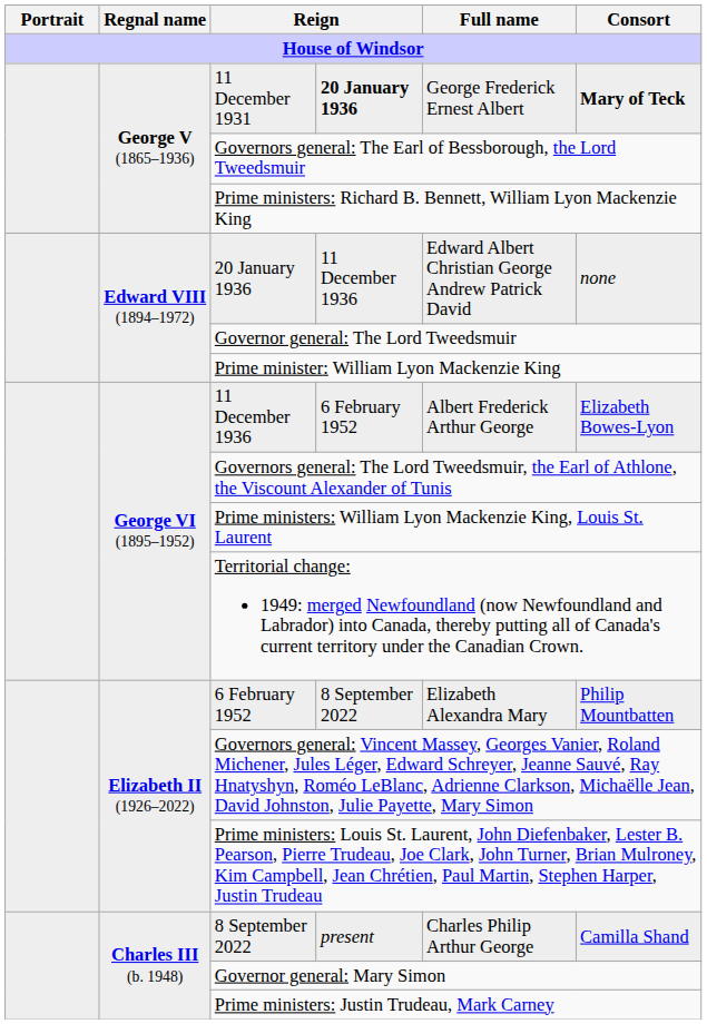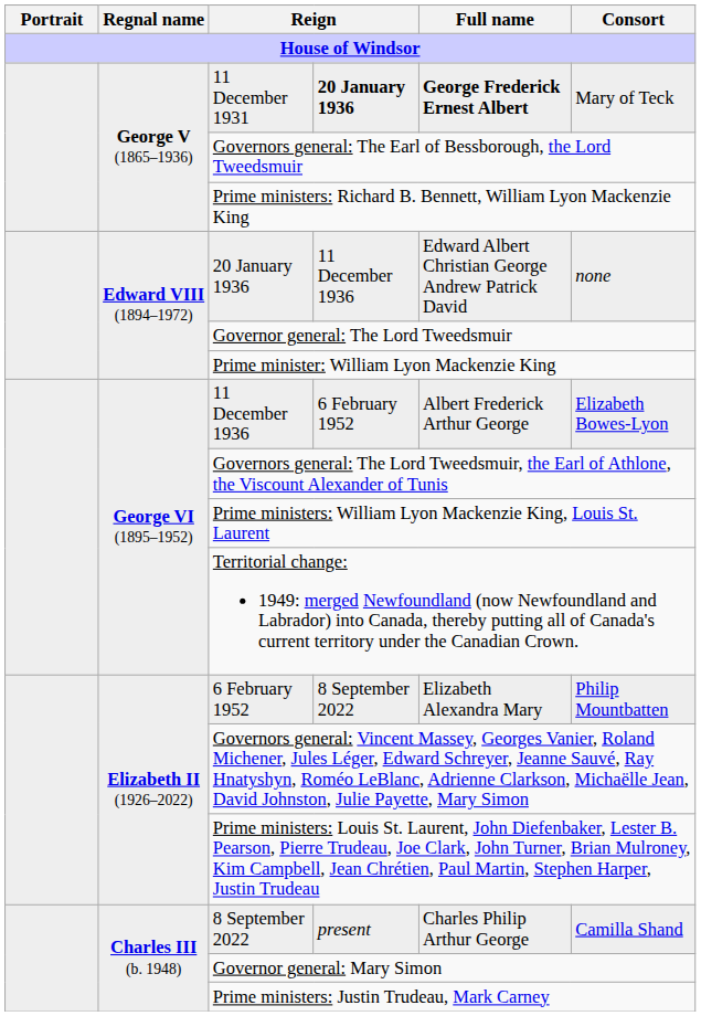 <table class="wikitable sortable sticky-header" style=text-align:left" style="margin:1em auto;">
 <tr>
 <th width=75>Portrait</th>
 <th>Regnal name</th>
 <th colspan=2>Reign</th>
 <th>Full name</th>
 <th>Consort</th>
 </tr>
 <tr>
 <th colspan=8 style="background-color: #ccccff"><a href='#'>House of Windsor</a></th>
 </tr>
 <tr style="background:#eee;">
 <td rowspan=3 align="center"></td>
 <td rowspan=3 align="center"><strong>George V</strong><br><small>(1865–1936)</small></td>
 <td>11 December 1931</td>
 <td><strong>20 January 1936</strong></td>
-<td>George Frederick Ernest Albert</td>
-<td><strong>Mary of Teck</strong></td>
+<td><strong>George Frederick Ernest Albert</strong></td>
+<td>Mary of Teck</td>
 </tr>
 <tr>
 <td colspan=4><u>Governors general:</u> The Earl of Bessborough, <a href='#'>the Lord Tweedsmuir</a></td>
 </tr>
 <tr>
 <td colspan=4><u>Prime ministers:</u> Richard B. Bennett, William Lyon Mackenzie King</td>
 </tr>
 <tr style="background:#eee;">
 <td rowspan=3 align="center"></td>
 <td rowspan=3 align="center"><strong><a href='#'>Edward&nbsp;VIII</a></strong><br><small>(1894–1972)</small></td>
 <td>20 January 1936</td>
 <td>11 December 1936</td>
 <td>Edward Albert Christian George Andrew Patrick David</td>
 <td><em>none</em></td>
 </tr>
 <tr>
 <td colspan=4><u>Governor general:</u> The Lord Tweedsmuir</td>
 </tr>
 <tr>
 <td colspan=4><u>Prime minister:</u> William Lyon Mackenzie King</td>
 </tr>
 <tr style="background:#eee;">
 <td rowspan=4 align="center"></td>
 <td rowspan=4 align="center"><strong><a href='#'>George VI</a></strong><br><small>(1895–1952)</small></td>
 <td>11 December 1936</td>
 <td>6 February 1952</td>
 <td>Albert Frederick Arthur George</td>
 <td><a href='#'>Elizabeth Bowes-Lyon</a></td>
 </tr>
 <tr>
 <td colspan=4><u>Governors general:</u> The Lord Tweedsmuir, <a href='#'>the Earl of Athlone</a>, <a href='#'>the Viscount Alexander of Tunis</a></td>
 </tr>
 <tr>
 <td colspan=4><u>Prime ministers:</u> William Lyon Mackenzie King, <a href='#'>Louis St. Laurent</a></td>
 </tr>
 <tr>
 <td colspan=4><u>Territorial change:</u><br><ul><li>1949: <a href='#'>merged</a> <a href='#'>Newfoundland</a> (now Newfoundland and Labrador) into Canada, thereby putting all of Canada's current territory under the Canadian Crown.</li></ul></td>
 </tr>
 <tr style="background:#eee;">
 <td rowspan=3 align="center"></td>
 <td rowspan=3 align="center"><strong><a href='#'>Elizabeth II</a></strong><br><small>(1926–2022)</small></td>
 <td>6 February 1952</td>
 <td>8 September 2022</td>
 <td>Elizabeth Alexandra Mary</td>
 <td><a href='#'>Philip Mountbatten</a></td>
 </tr>
 <tr>
 <td colspan=4><u>Governors general:</u> <a href='#'>Vincent Massey</a>, <a href='#'>Georges Vanier</a>, <a href='#'>Roland Michener</a>, <a href='#'>Jules Léger</a>, <a href='#'>Edward Schreyer</a>, <a href='#'>Jeanne Sauvé</a>, <a href='#'>Ray Hnatyshyn</a>, <a href='#'>Roméo LeBlanc</a>, <a href='#'>Adrienne Clarkson</a>, <a href='#'>Michaëlle Jean</a>, <a href='#'>David Johnston</a>, <a href='#'>Julie Payette</a>, <a href='#'>Mary Simon</a></td>
 </tr>
 <tr>
 <td colspan=4><u>Prime ministers:</u> Louis St. Laurent, <a href='#'>John Diefenbaker</a>, <a href='#'>Lester B. Pearson</a>, <a href='#'>Pierre Trudeau</a>, <a href='#'>Joe Clark</a>, <a href='#'>John Turner</a>, <a href='#'>Brian Mulroney</a>, <a href='#'>Kim Campbell</a>, <a href='#'>Jean Chrétien</a>, <a href='#'>Paul Martin</a>, <a href='#'>Stephen Harper</a>, <a href='#'>Justin Trudeau</a></td>
 </tr>
 <tr style="background:#eee;">
 <td rowspan=3 align="center"></td>
 <td rowspan=3 align="center"><strong><a href='#'>Charles III</a></strong><br><small>(b. 1948)</small></td>
 <td>8 September 2022</td>
 <td><em>present</em></td>
 <td>Charles Philip Arthur George</td>
 <td><a href='#'>Camilla Shand</a></td>
 </tr>
 <tr>
 <td colspan=4><u>Governor general:</u> Mary Simon</td>
 </tr>
 <tr>
 <td colspan=4><u>Prime ministers:</u> Justin Trudeau, <a href='#'>Mark Carney</a></td>
 </tr>
 </table>
